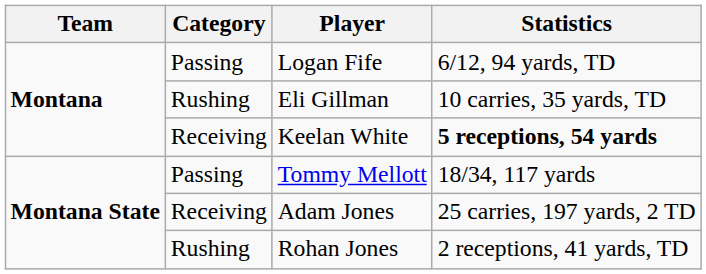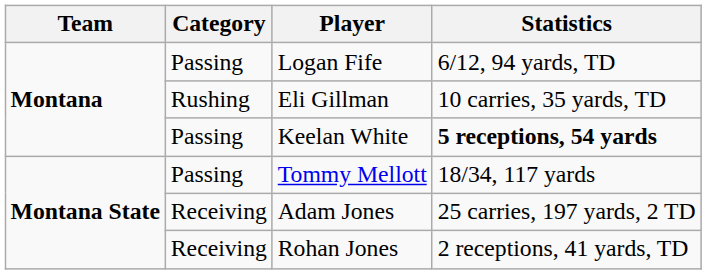 <table class="wikitable" style="float: right;">
 <tr>
 <th>Team</th>
 <th>Category</th>
 <th>Player</th>
 <th>Statistics</th>
 </tr>
 <tr>
 <td rowspan=3><strong>Montana</strong></td>
 <td>Passing</td>
 <td>Logan Fife</td>
 <td>6/12, 94 yards, TD</td>
 </tr>
 <tr>
 <td>Rushing</td>
 <td>Eli Gillman</td>
 <td>10 carries, 35 yards, TD</td>
 </tr>
 <tr>
-<td>Receiving</td>
+<td>Passing</td>
 <td>Keelan White</td>
 <td><strong>5 receptions, 54 yards</strong></td>
 </tr>
 <tr>
 <td rowspan=3><strong>Montana State</strong></td>
 <td>Passing</td>
 <td><a href='#'>Tommy Mellott</a></td>
 <td>18/34, 117 yards</td>
 </tr>
 <tr>
 <td>Receiving</td>
 <td>Adam Jones</td>
 <td>25 carries, 197 yards, 2 TD</td>
 </tr>
 <tr>
-<td>Rushing</td>
+<td>Receiving</td>
 <td>Rohan Jones</td>
 <td>2 receptions, 41 yards, TD</td>
 </tr>
 </table>
